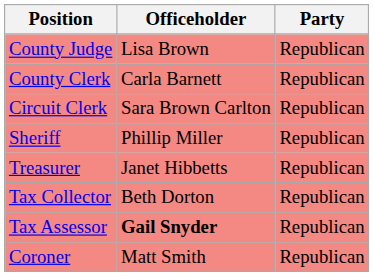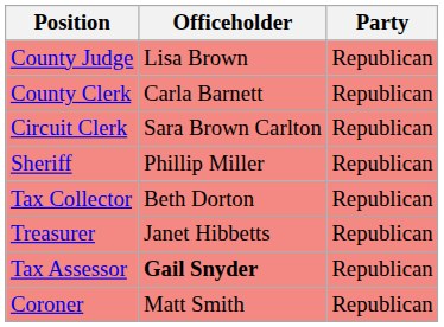 <table class="wikitable">
 <tr>
 <th>Position</th>
 <th>Officeholder</th>
 <th>Party</th>
 </tr>
 <tr style="background-color: #F48882;">
 <td><a href='#'>County Judge</a></td>
 <td>Lisa Brown</td>
 <td>Republican</td>
 </tr>
 <tr style="background-color: #F48882;">
 <td><a href='#'>County Clerk</a></td>
 <td>Carla Barnett</td>
 <td>Republican</td>
 </tr>
 <tr style="background-color: #F48882;">
 <td><a href='#'>Circuit Clerk</a></td>
 <td>Sara Brown Carlton</td>
 <td>Republican</td>
 </tr>
 <tr style="background-color: #F48882;">
 <td><a href='#'>Sheriff</a></td>
 <td>Phillip Miller</td>
 <td>Republican</td>
 </tr>
 <tr style="background-color: #F48882;">
-<td><a href='#'>Treasurer</a></td>
-<td>Janet Hibbetts</td>
+<td><a href='#'>Tax Collector</a></td>
+<td>Beth Dorton</td>
 <td>Republican</td>
 </tr>
 <tr style="background-color: #F48882;">
-<td><a href='#'>Tax Collector</a></td>
-<td>Beth Dorton</td>
+<td><a href='#'>Treasurer</a></td>
+<td>Janet Hibbetts</td>
 <td>Republican</td>
 </tr>
 <tr style="background-color: #F48882;">
 <td><a href='#'>Tax Assessor</a></td>
 <td><strong>Gail Snyder</strong></td>
 <td>Republican</td>
 </tr>
 <tr style="background-color: #F48882;">
 <td><a href='#'>Coroner</a></td>
 <td>Matt Smith</td>
 <td>Republican</td>
 </tr>
 </table>
